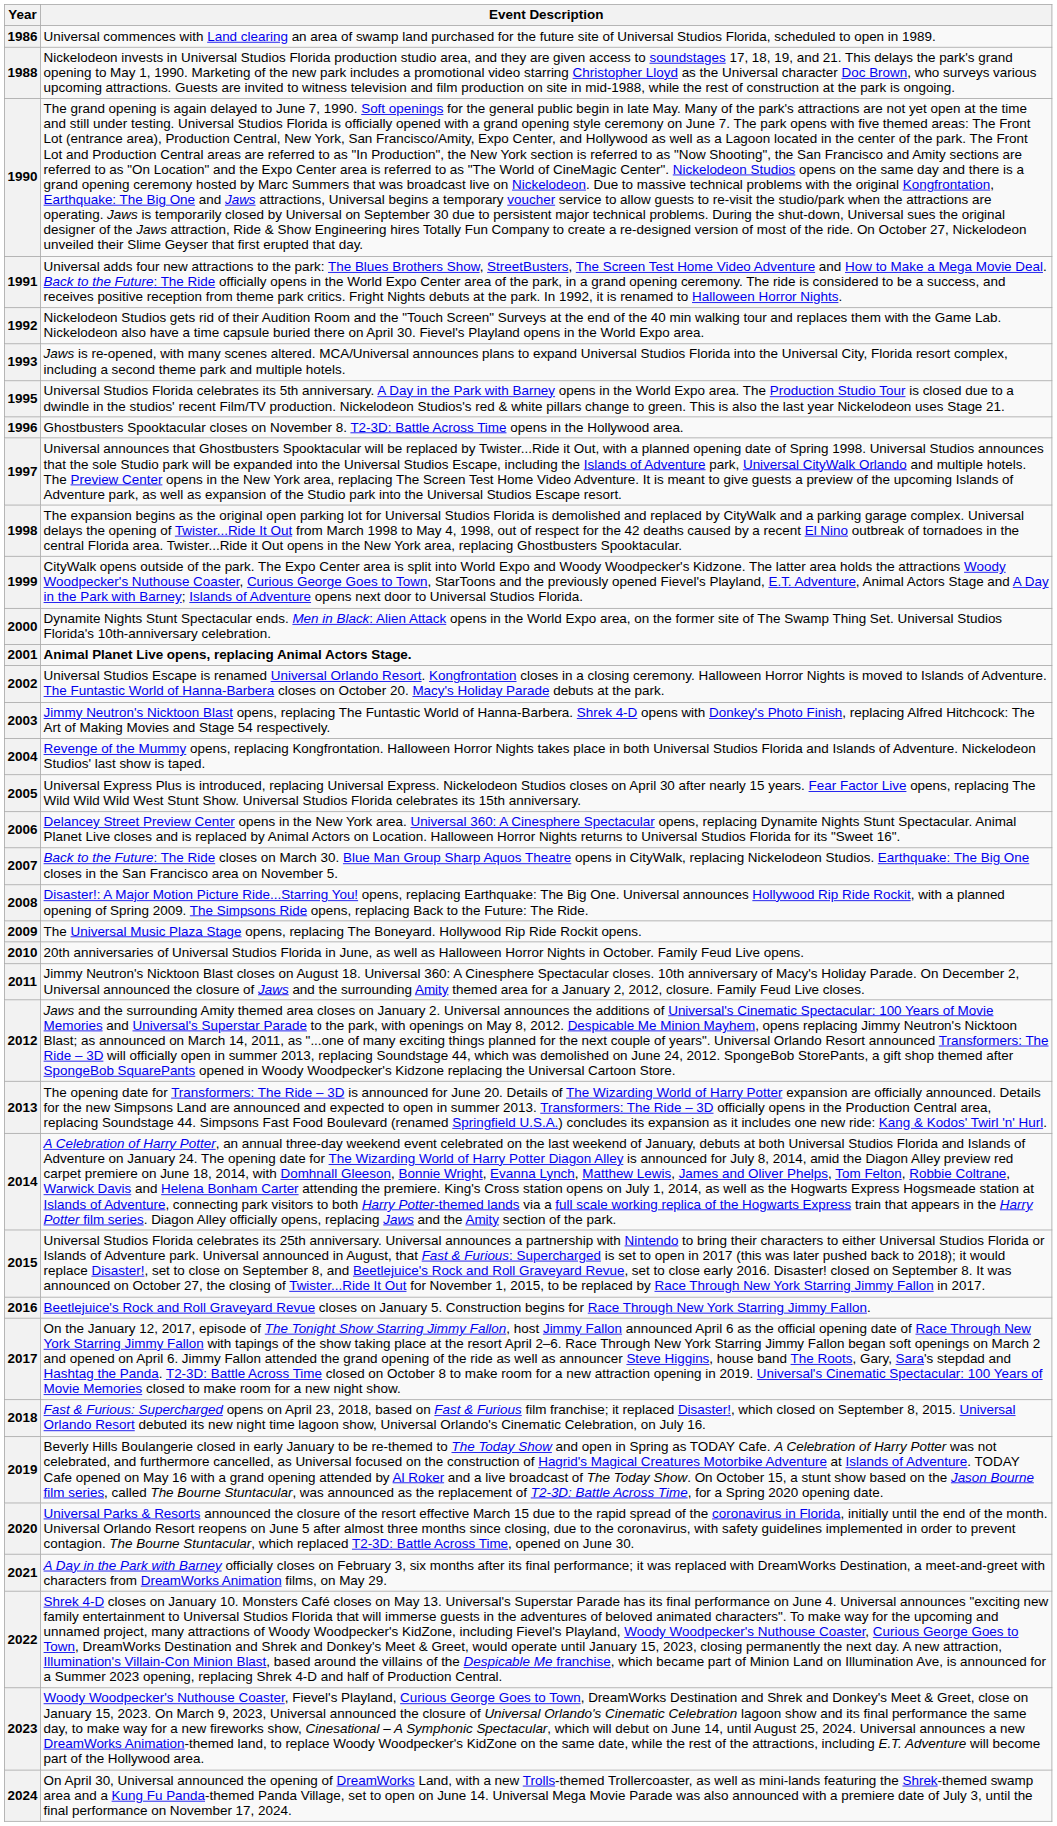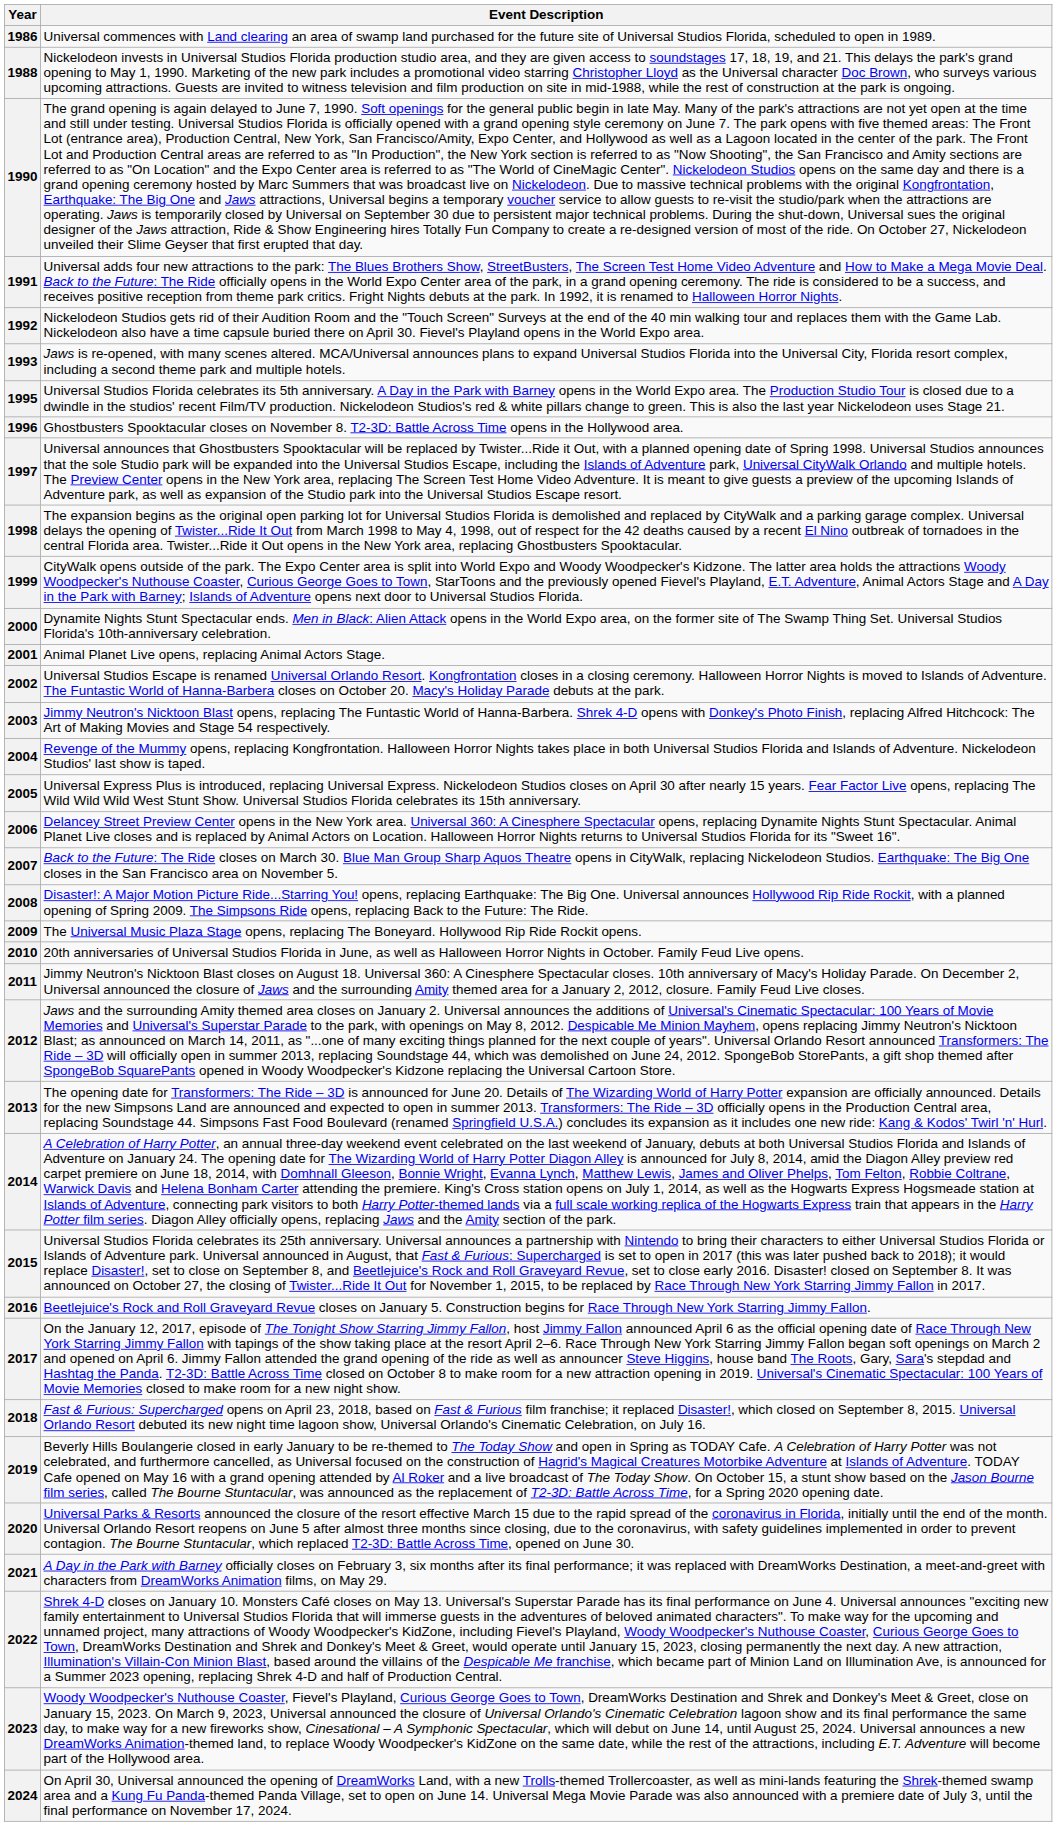 <table class="wikitable mw-collapsible mw-collapsed">
 <tr>
 <th>Year</th>
 <th>Event Description</th>
 </tr>
 <tr>
 <th style="text-align:center">1986</th>
 <td>Universal commences with <a href='#'>Land clearing</a> an area of swamp land purchased for the future site of Universal Studios Florida, scheduled to open in 1989.</td>
 </tr>
 <tr>
 <th style="text-align:center">1988</th>
 <td>Nickelodeon invests in Universal Studios Florida production studio area, and they are given access to <a href='#'>soundstages</a> 17, 18, 19, and 21. This delays the park's grand opening to May 1, 1990. Marketing of the new park includes a promotional video starring <a href='#'>Christopher Lloyd</a> as the Universal character <a href='#'>Doc Brown</a>, who surveys various upcoming attractions. Guests are invited to witness television and film production on site in mid-1988, while the rest of construction at the park is ongoing.</td>
 </tr>
 <tr>
 <th style="text-align:center">1990</th>
 <td>The grand opening is again delayed to June 7, 1990. <a href='#'>Soft openings</a> for the general public begin in late May. Many of the park's attractions are not yet open at the time and still under testing. Universal Studios Florida is officially opened with a grand opening style ceremony on June 7. The park opens with five themed areas: The Front Lot (entrance area), Production Central, New York, San Francisco/Amity, Expo Center, and Hollywood as well as a Lagoon located in the center of the park. The Front Lot and Production Central areas are referred to as "In Production", the New York section is referred to as "Now Shooting", the San Francisco and Amity sections are referred to as "On Location" and the Expo Center area is referred to as "The World of CineMagic Center". <a href='#'>Nickelodeon Studios</a> opens on the same day and there is a grand opening ceremony hosted by Marc Summers that was broadcast live on <a href='#'>Nickelodeon</a>. Due to massive technical problems with the original <a href='#'>Kongfrontation</a>, <a href='#'>Earthquake: The Big One</a> and <em><a href='#'>Jaws</a></em> attractions, Universal begins a temporary <a href='#'>voucher</a> service to allow guests to re-visit the studio/park when the attractions are operating. <em>Jaws</em> is temporarily closed by Universal on September 30 due to persistent major technical problems. During the shut-down, Universal sues the original designer of the <em>Jaws</em> attraction, Ride & Show Engineering hires Totally Fun Company to create a re-designed version of most of the ride. On October 27, Nickelodeon unveiled their Slime Geyser that first erupted that day.</td>
 </tr>
 <tr>
 <th style="text-align:center">1991</th>
 <td>Universal adds four new attractions to the park: <a href='#'>The Blues Brothers Show</a>, <a href='#'>StreetBusters</a>, <a href='#'>The Screen Test Home Video Adventure</a> and <a href='#'>How to Make a Mega Movie Deal</a>. <a href='#'><em>Back to the Future</em>: The Ride</a> officially opens in the World Expo Center area of the park, in a grand opening ceremony. The ride is considered to be a success, and receives positive reception from theme park critics. Fright Nights debuts at the park. In 1992, it is renamed to <a href='#'>Halloween Horror Nights</a>.</td>
 </tr>
 <tr>
 <th -style="text-align:center">1992</th>
 <td>Nickelodeon Studios gets rid of their Audition Room and the "Touch Screen" Surveys at the end of the 40 min walking tour and replaces them with the Game Lab. Nickelodeon also have a time capsule buried there on April 30. Fievel's Playland opens in the World Expo area.</td>
 </tr>
 <tr>
 <th style="text-align:center">1993</th>
 <td><em>Jaws</em> is re-opened, with many scenes altered. MCA/Universal announces plans to expand Universal Studios Florida into the Universal City, Florida resort complex, including a second theme park and multiple hotels.</td>
 </tr>
 <tr>
 <th style="text-align:center">1995</th>
 <td>Universal Studios Florida celebrates its 5th anniversary. <a href='#'>A Day in the Park with Barney</a> opens in the World Expo area. The <a href='#'>Production Studio Tour</a> is closed due to a dwindle in the studios' recent Film/TV production. Nickelodeon Studios's red & white pillars change to green. This is also the last year Nickelodeon uses Stage 21.</td>
 </tr>
 <tr>
 <th style="text-align:center">1996</th>
 <td>Ghostbusters Spooktacular closes on November 8. <a href='#'>T2-3D: Battle Across Time</a> opens in the Hollywood area.</td>
 </tr>
 <tr>
 <th style="text-align:center">1997</th>
 <td>Universal announces that Ghostbusters Spooktacular will be replaced by Twister...Ride it Out, with a planned opening date of Spring 1998. Universal Studios announces that the sole Studio park will be expanded into the Universal Studios Escape, including the <a href='#'>Islands of Adventure</a> park, <a href='#'>Universal CityWalk Orlando</a> and multiple hotels. The <a href='#'>Preview Center</a> opens in the New York area, replacing The Screen Test Home Video Adventure. It is meant to give guests a preview of the upcoming Islands of Adventure park, as well as expansion of the Studio park into the Universal Studios Escape resort.</td>
 </tr>
 <tr>
 <th style="text-align:center">1998</th>
 <td>The expansion begins as the original open parking lot for Universal Studios Florida is demolished and replaced by CityWalk and a parking garage complex. Universal delays the opening of <a href='#'>Twister...Ride It Out</a> from March 1998 to May 4, 1998, out of respect for the 42 deaths caused by a recent <a href='#'>El Nino</a> outbreak of tornadoes in the central Florida area. Twister...Ride it Out opens in the New York area, replacing Ghostbusters Spooktacular.</td>
 </tr>
 <tr>
 <th style="text-align:center">1999</th>
 <td>CityWalk opens outside of the park. The Expo Center area is split into World Expo and Woody Woodpecker's Kidzone. The latter area holds the attractions <a href='#'>Woody Woodpecker's Nuthouse Coaster</a>, <a href='#'>Curious George Goes to Town</a>, StarToons and the previously opened Fievel's Playland, <a href='#'>E.T. Adventure</a>, Animal Actors Stage and <a href='#'>A Day in the Park with Barney</a>; <a href='#'>Islands of Adventure</a> opens next door to Universal Studios Florida.</td>
 </tr>
 <tr>
 <th style="text-align:center">2000</th>
 <td>Dynamite Nights Stunt Spectacular ends. <a href='#'><em>Men in Black</em>: Alien Attack</a> opens in the World Expo area, on the former site of The Swamp Thing Set. Universal Studios Florida's 10th-anniversary celebration.</td>
 </tr>
 <tr>
 <th style="text-align:center">2001</th>
-<td><strong>Animal Planet Live opens, replacing Animal Actors Stage.</strong></td>
+<td>Animal Planet Live opens, replacing Animal Actors Stage.</td>
 </tr>
 <tr>
 <th style="text-align:center">2002</th>
 <td>Universal Studios Escape is renamed <a href='#'>Universal Orlando Resort</a>. <a href='#'>Kongfrontation</a> closes in a closing ceremony. Halloween Horror Nights is moved to Islands of Adventure. <a href='#'>The Funtastic World of Hanna-Barbera</a> closes on October 20. <a href='#'>Macy's Holiday Parade</a> debuts at the park.</td>
 </tr>
 <tr>
 <th style="text-align:center">2003</th>
 <td><a href='#'>Jimmy Neutron's Nicktoon Blast</a> opens, replacing The Funtastic World of Hanna-Barbera. <a href='#'>Shrek 4-D</a> opens with <a href='#'>Donkey's Photo Finish</a>, replacing Alfred Hitchcock: The Art of Making Movies and Stage 54 respectively.</td>
 </tr>
 <tr>
 <th style="text-align:center">2004</th>
 <td><a href='#'>Revenge of the Mummy</a> opens, replacing Kongfrontation. Halloween Horror Nights takes place in both Universal Studios Florida and Islands of Adventure. Nickelodeon Studios' last show is taped.</td>
 </tr>
 <tr>
 <th style="text-align:center">2005</th>
 <td>Universal Express Plus is introduced, replacing Universal Express. Nickelodeon Studios closes on April 30 after nearly 15 years. <a href='#'>Fear Factor Live</a> opens, replacing The Wild Wild Wild West Stunt Show. Universal Studios Florida celebrates its 15th anniversary.</td>
 </tr>
 <tr>
 <th style="text-align:center">2006</th>
 <td><a href='#'>Delancey Street Preview Center</a> opens in the New York area. <a href='#'>Universal 360: A Cinesphere Spectacular</a> opens, replacing Dynamite Nights Stunt Spectacular. Animal Planet Live closes and is replaced by Animal Actors on Location. Halloween Horror Nights returns to Universal Studios Florida for its "Sweet 16".</td>
 </tr>
 <tr>
 <th style="text-align:center">2007</th>
 <td><a href='#'><em>Back to the Future</em>: The Ride</a> closes on March 30. <a href='#'>Blue Man Group Sharp Aquos Theatre</a> opens in CityWalk, replacing Nickelodeon Studios. <a href='#'>Earthquake: The Big One</a> closes in the San Francisco area on November 5.</td>
 </tr>
 <tr>
 <th style="text-align:center">2008</th>
 <td><a href='#'>Disaster!: A Major Motion Picture Ride...Starring You!</a> opens, replacing Earthquake: The Big One. Universal announces <a href='#'>Hollywood Rip Ride Rockit</a>, with a planned opening of Spring 2009. <a href='#'>The Simpsons Ride</a> opens, replacing Back to the Future: The Ride.</td>
 </tr>
 <tr>
 <th style="text-align:center">2009</th>
 <td>The <a href='#'>Universal Music Plaza Stage</a> opens, replacing The Boneyard. Hollywood Rip Ride Rockit opens.</td>
 </tr>
 <tr>
 <th style="text-align:center">2010</th>
 <td>20th anniversaries of Universal Studios Florida in June, as well as Halloween Horror Nights in October. Family Feud Live opens.</td>
 </tr>
 <tr>
 <th style="text-align:center">2011</th>
 <td>Jimmy Neutron's Nicktoon Blast closes on August 18. Universal 360: A Cinesphere Spectacular closes. 10th anniversary of Macy's Holiday Parade. On December 2, Universal announced the closure of <em><a href='#'>Jaws</a></em> and the surrounding <a href='#'>Amity</a> themed area for a January 2, 2012, closure. Family Feud Live closes.</td>
 </tr>
 <tr>
 <th style="text-align:center">2012</th>
 <td><em>Jaws</em> and the surrounding Amity themed area closes on January 2. Universal announces the additions of <a href='#'>Universal's Cinematic Spectacular: 100 Years of Movie Memories</a> and <a href='#'>Universal's Superstar Parade</a> to the park, with openings on May 8, 2012. <a href='#'>Despicable Me Minion Mayhem</a>, opens replacing Jimmy Neutron's Nicktoon Blast; as announced on March 14, 2011, as "...one of many exciting things planned for the next couple of years". Universal Orlando Resort announced <a href='#'>Transformers: The Ride – 3D</a> will officially open in summer 2013, replacing Soundstage 44, which was demolished on June 24, 2012. SpongeBob StorePants, a gift shop themed after <a href='#'>SpongeBob SquarePants</a> opened in Woody Woodpecker's Kidzone replacing the Universal Cartoon Store.</td>
 </tr>
 <tr>
 <th style="text-align:center">2013</th>
 <td>The opening date for <a href='#'>Transformers: The Ride – 3D</a> is announced for June 20. Details of <a href='#'>The Wizarding World of Harry Potter</a> expansion are officially announced. Details for the new Simpsons Land are announced and expected to open in summer 2013. <a href='#'>Transformers: The Ride – 3D</a> officially opens in the Production Central area, replacing Soundstage 44. Simpsons Fast Food Boulevard (renamed <a href='#'>Springfield U.S.A.</a>) concludes its expansion as it includes one new ride: <a href='#'>Kang & Kodos' Twirl 'n' Hurl</a>.</td>
 </tr>
 <tr>
 <th style="text-align:center">2014</th>
 <td><em><a href='#'>A Celebration of Harry Potter</a></em>, an annual three-day weekend event celebrated on the last weekend of January, debuts at both Universal Studios Florida and Islands of Adventure on January 24. The opening date for <a href='#'>The Wizarding World of Harry Potter Diagon Alley</a> is announced for July 8, 2014, amid the Diagon Alley preview red carpet premiere on June 18, 2014, with <a href='#'>Domhnall Gleeson</a>, <a href='#'>Bonnie Wright</a>, <a href='#'>Evanna Lynch</a>, <a href='#'>Matthew Lewis</a>, <a href='#'>James and Oliver Phelps</a>, <a href='#'>Tom Felton</a>, <a href='#'>Robbie Coltrane</a>, <a href='#'>Warwick Davis</a> and <a href='#'>Helena Bonham Carter</a> attending the premiere. King's Cross station opens on July 1, 2014, as well as the Hogwarts Express Hogsmeade station at <a href='#'>Islands of Adventure</a>, connecting park visitors to both <a href='#'><em>Harry Potter</em>-themed lands</a> via a <a href='#'>full scale working replica of the Hogwarts Express</a> train that appears in the <a href='#'><em>Harry Potter</em> film series</a>. Diagon Alley officially opens, replacing <em><a href='#'>Jaws</a></em> and the <a href='#'>Amity</a> section of the park.</td>
 </tr>
 <tr>
 <th style="text-align:center">2015</th>
 <td>Universal Studios Florida celebrates its 25th anniversary. Universal announces a partnership with <a href='#'>Nintendo</a> to bring their characters to either Universal Studios Florida or Islands of Adventure park. Universal announced in August, that <a href='#'><em>Fast & Furious</em>: Supercharged</a> is set to open in 2017 (this was later pushed back to 2018); it would replace <a href='#'>Disaster!</a>, set to close on September 8, and <a href='#'>Beetlejuice's Rock and Roll Graveyard Revue</a>, set to close early 2016. Disaster! closed on September 8. It was announced on October 27, the closing of <a href='#'>Twister...Ride It Out</a> for November 1, 2015, to be replaced by <a href='#'>Race Through New York Starring Jimmy Fallon</a> in 2017.</td>
 </tr>
 <tr>
 <th style="text-align:center">2016</th>
 <td><a href='#'>Beetlejuice's Rock and Roll Graveyard Revue</a> closes on January 5. Construction begins for <a href='#'>Race Through New York Starring Jimmy Fallon</a>.</td>
 </tr>
 <tr>
 <th style="text-align:center">2017</th>
 <td>On the January 12, 2017, episode of <em><a href='#'>The Tonight Show Starring Jimmy Fallon</a></em>, host <a href='#'>Jimmy Fallon</a> announced April 6 as the official opening date of <a href='#'>Race Through New York Starring Jimmy Fallon</a> with tapings of the show taking place at the resort April 2–6. Race Through New York Starring Jimmy Fallon began soft openings on March 2 and opened on April 6. Jimmy Fallon attended the grand opening of the ride as well as announcer <a href='#'>Steve Higgins</a>, house band <a href='#'>The Roots</a>, Gary, <a href='#'>Sara</a>'s stepdad and <a href='#'>Hashtag the Panda</a>. <a href='#'>T2-3D: Battle Across Time</a> closed on October 8 to make room for a new attraction opening in 2019. <a href='#'>Universal's Cinematic Spectacular: 100 Years of Movie Memories</a> closed to make room for a new night show.</td>
 </tr>
 <tr>
 <th style="text-align:center">2018</th>
 <td><em><a href='#'>Fast & Furious: Supercharged</a></em> opens on April 23, 2018, based on <em><a href='#'>Fast & Furious</a></em> film franchise; it replaced <a href='#'>Disaster!</a>, which closed on September 8, 2015. <a href='#'>Universal Orlando Resort</a> debuted its new night time lagoon show, Universal Orlando's Cinematic Celebration, on July 16.</td>
 </tr>
 <tr>
 <th style="text-align:center">2019</th>
 <td>Beverly Hills Boulangerie closed in early January to be re-themed to <a href='#'><em>The Today Show</em></a> and open in Spring as TODAY Cafe. <em>A Celebration of Harry Potter</em> was not celebrated, and furthermore cancelled, as Universal focused on the construction of <a href='#'>Hagrid's Magical Creatures Motorbike Adventure</a> at <a href='#'>Islands of Adventure</a>. TODAY Cafe opened on May 16 with a grand opening attended by <a href='#'>Al Roker</a> and a live broadcast of <em>The Today Show</em>. On October 15, a stunt show based on the <a href='#'><em>Jason Bourne</em> film series</a>, called <em>The Bourne Stuntacular</em>, was announced as the replacement of <em><a href='#'>T2-3D: Battle Across Time</a></em>, for a Spring 2020 opening date.</td>
 </tr>
 <tr>
 <th style="text-align:center">2020</th>
 <td><a href='#'>Universal Parks & Resorts</a> announced the closure of the resort effective March 15 due to the rapid spread of the <a href='#'>coronavirus in Florida</a>, initially until the end of the month. Universal Orlando Resort reopens on June 5 after almost three months since closing, due to the coronavirus, with safety guidelines implemented in order to prevent contagion. <em>The Bourne Stuntacular</em>, which replaced <a href='#'>T2-3D: Battle Across Time</a>, opened on June 30.</td>
 </tr>
 <tr>
 <th style="text-align:center">2021</th>
 <td><em><a href='#'>A Day in the Park with Barney</a></em> officially closes on February 3, six months after its final performance; it was replaced with DreamWorks Destination, a meet-and-greet with characters from <a href='#'>DreamWorks Animation</a> films, on May 29.</td>
 </tr>
 <tr>
 <th style="text-align:center">2022</th>
 <td><a href='#'>Shrek 4-D</a> closes on January 10. Monsters Café closes on May 13. Universal's Superstar Parade has its final performance on June 4. Universal announces "exciting new family entertainment to Universal Studios Florida that will immerse guests in the adventures of beloved animated characters". To make way for the upcoming and unnamed project, many attractions of Woody Woodpecker's KidZone, including Fievel's Playland, <a href='#'>Woody Woodpecker's Nuthouse Coaster</a>, <a href='#'>Curious George Goes to Town</a>, DreamWorks Destination and Shrek and Donkey's Meet & Greet, would operate until January 15, 2023, closing permanently the next day. A new attraction, <a href='#'>Illumination's Villain-Con Minion Blast</a>, based around the villains of the <a href='#'><em>Despicable Me</em> franchise</a>, which became part of Minion Land on Illumination Ave, is announced for a Summer 2023 opening, replacing Shrek 4-D and half of Production Central.</td>
 </tr>
 <tr>
 <th style="text-align:center">2023</th>
 <td><a href='#'>Woody Woodpecker's Nuthouse Coaster</a>, Fievel's Playland, <a href='#'>Curious George Goes to Town</a>, DreamWorks Destination and Shrek and Donkey's Meet & Greet, close on January 15, 2023. On March 9, 2023, Universal announced the closure of <em>Universal Orlando's Cinematic Celebration</em> lagoon show and its final performance the same day, to make way for a new fireworks show, <em>Cinesational – A Symphonic Spectacular</em>, which will debut on June 14, until August 25, 2024. Universal announces a new <a href='#'>DreamWorks Animation</a>-themed land, to replace Woody Woodpecker's KidZone on the same date, while the rest of the attractions, including <em>E.T. Adventure</em> will become part of the Hollywood area.</td>
 </tr>
 <tr>
 <th>2024</th>
 <td>On April 30, Universal announced the opening of <a href='#'>DreamWorks</a> Land, with a new <a href='#'>Trolls</a>-themed Trollercoaster, as well as mini-lands featuring the <a href='#'>Shrek</a>-themed swamp area and a <a href='#'>Kung Fu Panda</a>-themed Panda Village, set to open on June 14. Universal Mega Movie Parade was also announced with a premiere date of July 3, until the final performance on November 17, 2024.</td>
 </tr>
 </table>
